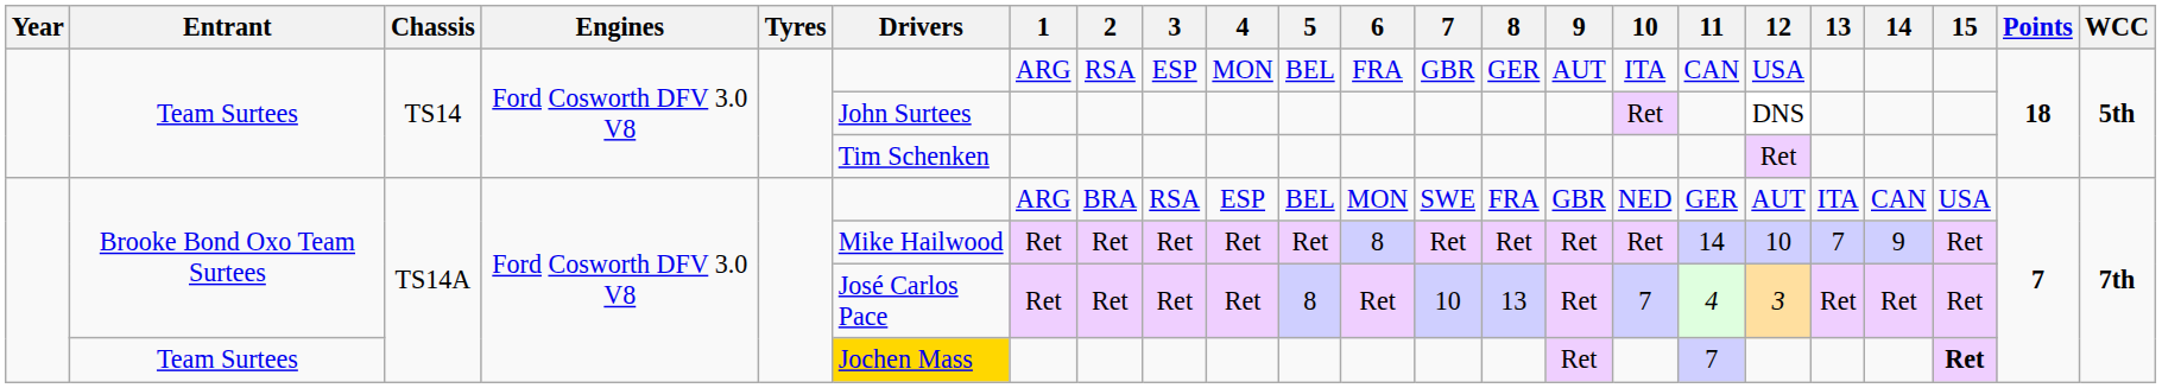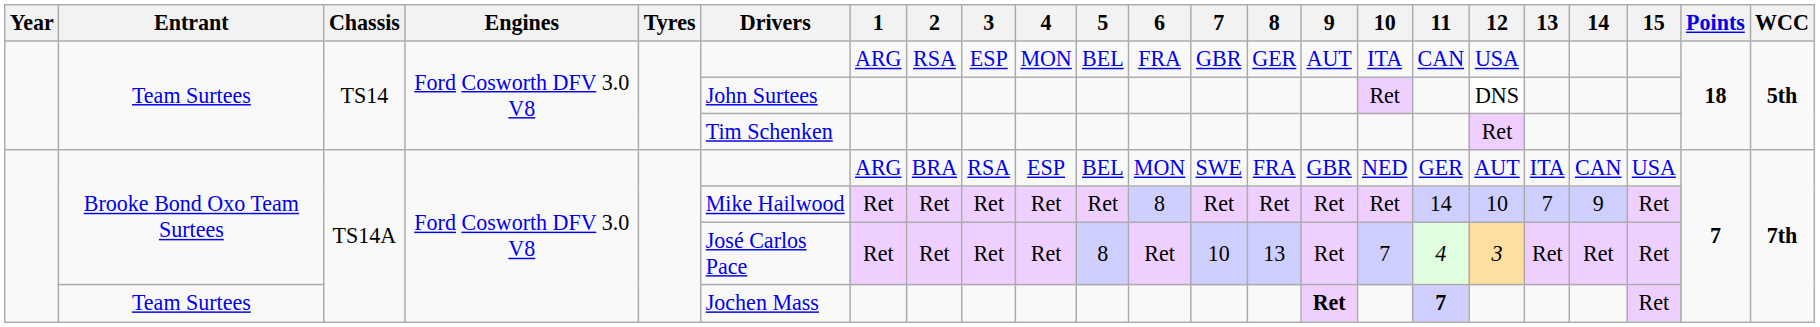 <table class="wikitable" style="text-align:center; font-size:95%">
 <tr>
 <th>Year</th>
 <th>Entrant</th>
 <th>Chassis</th>
 <th>Engines</th>
 <th>Tyres</th>
 <th>Drivers</th>
 <th>1</th>
 <th>2</th>
 <th>3</th>
 <th>4</th>
 <th>5</th>
 <th>6</th>
 <th>7</th>
 <th>8</th>
 <th>9</th>
 <th>10</th>
 <th>11</th>
 <th>12</th>
 <th>13</th>
 <th>14</th>
 <th>15</th>
 <th><a href='#'>Points</a></th>
 <th>WCC</th>
 </tr>
 <tr>
 <td rowspan="3"></td>
 <td rowspan="3"><a href='#'>Team Surtees</a></td>
 <td rowspan="3">TS14</td>
 <td rowspan="3"><a href='#'>Ford</a> <a href='#'>Cosworth DFV</a> 3.0 <a href='#'>V8</a></td>
 <td rowspan="3"></td>
 <td></td>
 <td><a href='#'>ARG</a></td>
 <td><a href='#'>RSA</a></td>
 <td><a href='#'>ESP</a></td>
 <td><a href='#'>MON</a></td>
 <td><a href='#'>BEL</a></td>
 <td><a href='#'>FRA</a></td>
 <td><a href='#'>GBR</a></td>
 <td><a href='#'>GER</a></td>
 <td><a href='#'>AUT</a></td>
 <td><a href='#'>ITA</a></td>
 <td><a href='#'>CAN</a></td>
 <td><a href='#'>USA</a></td>
 <td></td>
 <td></td>
 <td></td>
 <td rowspan="3"><strong>18</strong></td>
 <td rowspan="3"><strong>5th</strong></td>
 </tr>
 <tr>
 <td align="left"><a href='#'>John Surtees</a></td>
 <td></td>
 <td></td>
 <td></td>
 <td></td>
 <td></td>
 <td></td>
 <td></td>
 <td></td>
 <td></td>
 <td style="background:#EFCFFF;">Ret</td>
 <td></td>
 <td style="background:#ffffff;">DNS</td>
 <td></td>
 <td></td>
 <td></td>
 </tr>
 <tr>
 <td align="left"><a href='#'>Tim Schenken</a></td>
 <td></td>
 <td></td>
 <td></td>
 <td></td>
 <td></td>
 <td></td>
 <td></td>
 <td></td>
 <td></td>
 <td></td>
 <td></td>
 <td style="background:#EFCFFF;">Ret</td>
 <td></td>
 <td></td>
 <td></td>
 </tr>
 <tr>
 <td rowspan="4"></td>
 <td rowspan="3"><a href='#'>Brooke Bond Oxo Team Surtees</a></td>
 <td rowspan="4">TS14A</td>
 <td rowspan="4"><a href='#'>Ford</a> <a href='#'>Cosworth DFV</a> 3.0 <a href='#'>V8</a></td>
 <td rowspan="4"></td>
 <td></td>
 <td><a href='#'>ARG</a></td>
 <td><a href='#'>BRA</a></td>
 <td><a href='#'>RSA</a></td>
 <td><a href='#'>ESP</a></td>
 <td><a href='#'>BEL</a></td>
 <td><a href='#'>MON</a></td>
 <td><a href='#'>SWE</a></td>
 <td><a href='#'>FRA</a></td>
 <td><a href='#'>GBR</a></td>
 <td><a href='#'>NED</a></td>
 <td><a href='#'>GER</a></td>
 <td><a href='#'>AUT</a></td>
 <td><a href='#'>ITA</a></td>
 <td><a href='#'>CAN</a></td>
 <td><a href='#'>USA</a></td>
 <td rowspan="4"><strong>7</strong></td>
 <td rowspan="4"><strong>7th</strong></td>
 </tr>
 <tr>
 <td align="left"><a href='#'>Mike Hailwood</a></td>
 <td style="background:#EFCFFF;">Ret</td>
 <td style="background:#EFCFFF;">Ret</td>
 <td style="background:#EFCFFF;">Ret</td>
 <td style="background:#EFCFFF;">Ret</td>
 <td style="background:#EFCFFF;">Ret</td>
 <td style="background:#CFCFFF;">8</td>
 <td style="background:#EFCFFF;">Ret</td>
 <td style="background:#EFCFFF;">Ret</td>
 <td style="background:#EFCFFF;">Ret</td>
 <td style="background:#EFCFFF;">Ret</td>
 <td style="background:#CFCFFF;">14</td>
 <td style="background:#CFCFFF;">10</td>
 <td style="background:#CFCFFF;">7</td>
 <td style="background:#CFCFFF;">9</td>
 <td style="background:#EFCFFF;">Ret</td>
 </tr>
 <tr>
 <td align="left"><a href='#'>José Carlos Pace</a></td>
 <td style="background:#EFCFFF;">Ret</td>
 <td style="background:#EFCFFF;">Ret</td>
 <td style="background:#EFCFFF;">Ret</td>
 <td style="background:#EFCFFF;">Ret</td>
 <td style="background:#CFCFFF;">8</td>
 <td style="background:#EFCFFF;">Ret</td>
 <td style="background:#CFCFFF;">10</td>
 <td style="background:#CFCFFF;">13</td>
 <td style="background:#EFCFFF;">Ret</td>
 <td style="background:#CFCFFF;">7</td>
 <td style="background:#DFFFDF;"><em>4</em></td>
 <td style="background:#FFDF9F;"><em>3</em></td>
 <td style="background:#EFCFFF;">Ret</td>
 <td style="background:#EFCFFF;">Ret</td>
 <td style="background:#EFCFFF;">Ret</td>
 </tr>
 <tr>
 <td><a href='#'>Team Surtees</a></td>
-<td align="left" style="background: gold;"><a href='#'>Jochen Mass</a></td>
+<td align="left"><a href='#'>Jochen Mass</a></td>
 <td></td>
 <td></td>
 <td></td>
 <td></td>
 <td></td>
 <td></td>
 <td></td>
 <td></td>
-<td style="background:#EFCFFF;">Ret</td>
+<td style="background:#EFCFFF;"><strong>Ret</strong></td>
 <td></td>
-<td style="background:#CFCFFF;">7</td>
+<td style="background:#CFCFFF;"><strong>7</strong></td>
 <td></td>
 <td></td>
 <td></td>
-<td style="background:#EFCFFF;"><strong>Ret</strong></td>
+<td style="background:#EFCFFF;">Ret</td>
 </tr>
 </table>
